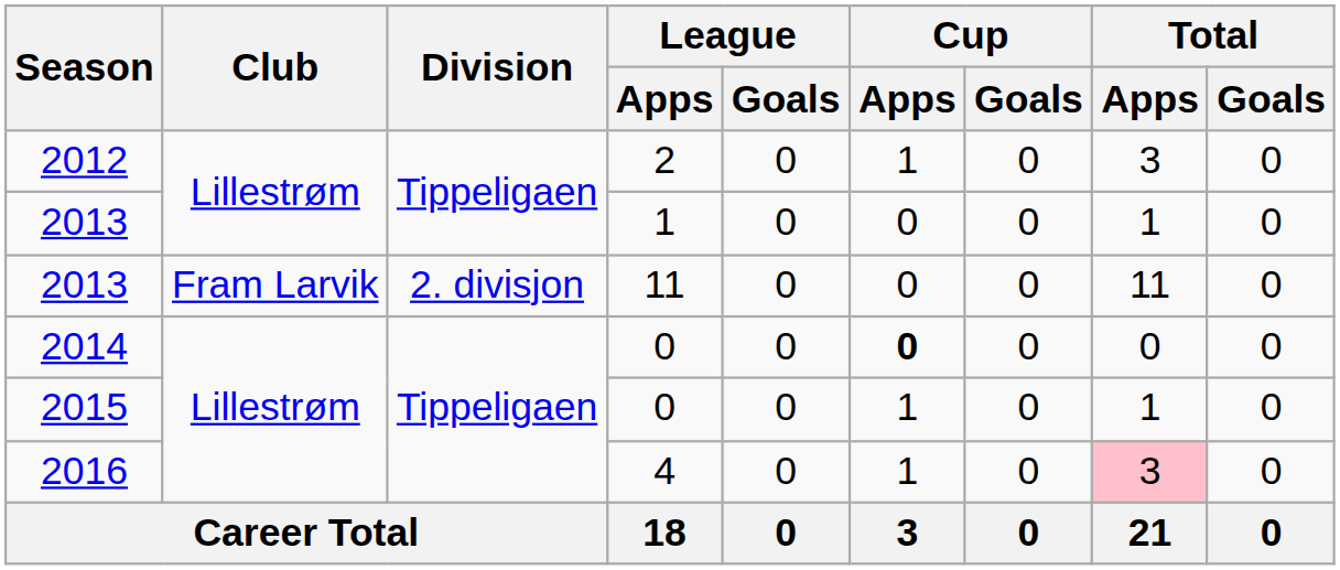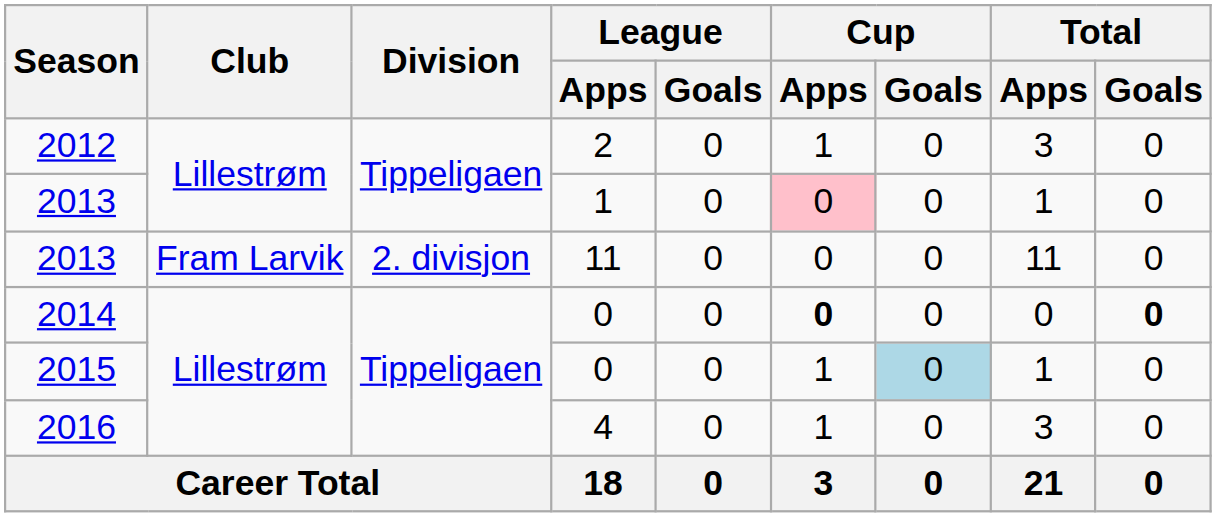 <table class="wikitable" style="text-align: center;">
 <tr>
 <th rowspan="2">Season</th>
 <th rowspan="2">Club</th>
 <th rowspan="2">Division</th>
 <th colspan="2">League</th>
 <th colspan="2">Cup</th>
 <th colspan="2">Total</th>
 </tr>
 <tr>
 <th>Apps</th>
 <th>Goals</th>
 <th>Apps</th>
 <th>Goals</th>
 <th>Apps</th>
 <th>Goals</th>
 </tr>
 <tr>
 <td><a href='#'>2012</a></td>
 <td rowspan="2" valign="center"><a href='#'>Lillestrøm</a></td>
 <td rowspan="2" valign="center"><a href='#'>Tippeligaen</a></td>
 <td>2</td>
 <td>0</td>
 <td>1</td>
 <td>0</td>
 <td>3</td>
 <td>0</td>
 </tr>
 <tr>
 <td><a href='#'>2013</a></td>
 <td>1</td>
 <td>0</td>
-<td>0</td>
+<td style="background: pink;">0</td>
 <td>0</td>
 <td>1</td>
 <td>0</td>
 </tr>
 <tr>
 <td><a href='#'>2013</a></td>
 <td rowspan="1" valign="center"><a href='#'>Fram Larvik</a></td>
 <td rowspan="1" valign="center"><a href='#'>2. divisjon</a></td>
 <td>11</td>
 <td>0</td>
 <td>0</td>
 <td>0</td>
 <td>11</td>
 <td>0</td>
 </tr>
 <tr>
 <td><a href='#'>2014</a></td>
 <td rowspan="3" valign="center"><a href='#'>Lillestrøm</a></td>
 <td rowspan="3" valign="center"><a href='#'>Tippeligaen</a></td>
 <td>0</td>
 <td>0</td>
 <td><strong>0</strong></td>
 <td>0</td>
 <td>0</td>
-<td>0</td>
+<td><strong>0</strong></td>
 </tr>
 <tr>
 <td><a href='#'>2015</a></td>
 <td>0</td>
 <td>0</td>
 <td>1</td>
-<td>0</td>
+<td style="background: lightblue;">0</td>
 <td>1</td>
 <td>0</td>
 </tr>
 <tr>
 <td><a href='#'>2016</a></td>
 <td>4</td>
 <td>0</td>
 <td>1</td>
 <td>0</td>
-<td style="background: pink;">3</td>
+<td>3</td>
 <td>0</td>
 </tr>
 <tr>
 <th colspan="3">Career Total</th>
 <th>18</th>
 <th>0</th>
 <th>3</th>
 <th>0</th>
 <th>21</th>
 <th>0</th>
 </tr>
 </table>
